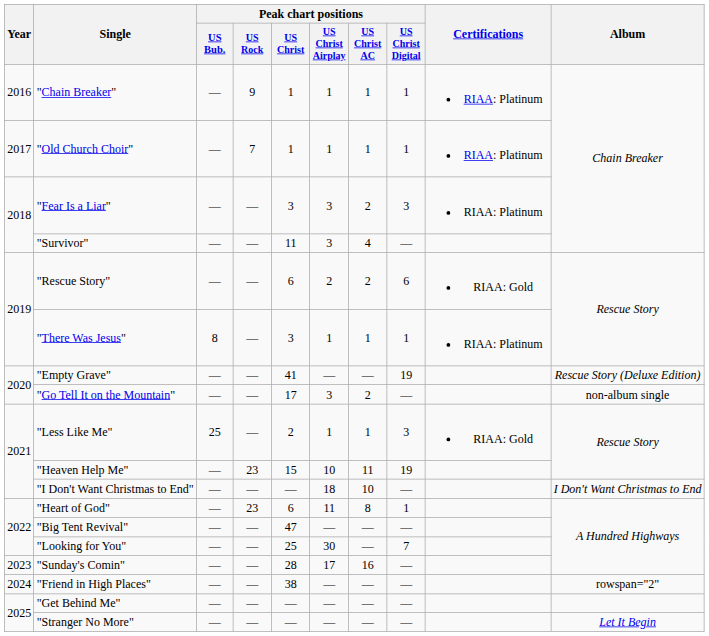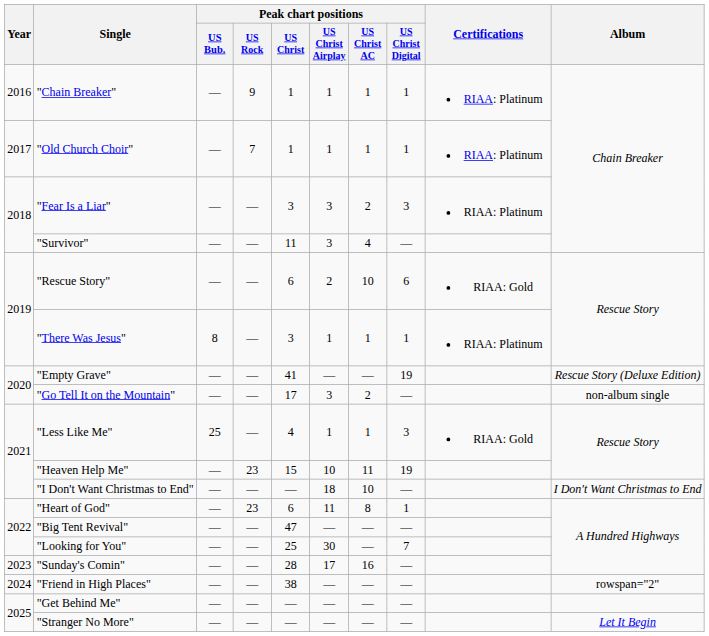 <table class="wikitable" style="text-align:center;">
 <tr>
 <th rowspan="2">Year</th>
 <th rowspan="2">Single</th>
 <th scope="col" colspan="6">Peak chart positions</th>
 <th scope="col" rowspan="2" style="width:10em;"><a href='#'>Certifications</a></th>
 <th scope="col" rowspan="2">Album</th>
 </tr>
 <tr style="font-size:smaller;">
 <th scope="col" style="width:3em;font-size:105%;"><a href='#'>US<br>Bub.</a><br></th>
 <th width="45"><a href='#'>US<br>Rock</a><br></th>
 <th width="45"><a href='#'>US<br>Christ</a><br></th>
 <th width="45"><a href='#'>US<br>Christ Airplay</a><br></th>
 <th width="45"><a href='#'>US<br>Christ AC</a><br></th>
 <th width="45"><a href='#'>US<br>Christ Digital</a><br></th>
 </tr>
 <tr>
 <td>2016</td>
 <td align="left">"<a href='#'>Chain Breaker</a>"</td>
 <td>—</td>
 <td>9</td>
 <td>1<br></td>
 <td>1</td>
 <td>1</td>
 <td>1</td>
 <td><br><ul><li><a href='#'>RIAA</a>: Platinum</li></ul></td>
 <td rowspan="4"><em>Chain Breaker</em></td>
 </tr>
 <tr>
 <td>2017</td>
 <td align="left">"<a href='#'>Old Church Choir</a>"</td>
 <td>—</td>
 <td>7</td>
 <td>1</td>
 <td>1<br></td>
 <td>1</td>
 <td>1</td>
 <td><br><ul><li><a href='#'>RIAA</a>: Platinum</li></ul></td>
 </tr>
 <tr>
 <td rowspan="2">2018</td>
 <td align="left">"<a href='#'>Fear Is a Liar</a>"</td>
 <td>—</td>
 <td>—</td>
 <td>3</td>
 <td>3</td>
 <td>2</td>
 <td>3</td>
 <td><br><ul><li>RIAA: Platinum</li></ul></td>
 </tr>
 <tr>
 <td align="left">"Survivor"</td>
 <td>—</td>
 <td>—</td>
 <td>11</td>
 <td>3</td>
 <td>4</td>
 <td>—</td>
 <td></td>
 </tr>
 <tr>
 <td rowspan="2">2019</td>
 <td align="left">"Rescue Story"</td>
 <td>—</td>
 <td>—</td>
 <td>6</td>
 <td>2</td>
-<td>2</td>
+<td>10</td>
 <td>6</td>
 <td><br><ul><li>RIAA: Gold</li></ul></td>
 <td rowspan="2"><em>Rescue Story</em></td>
 </tr>
 <tr>
 <td align="left">"<a href='#'>There Was Jesus</a>"<br></td>
 <td>8</td>
 <td>—</td>
 <td>3</td>
 <td>1</td>
 <td>1</td>
 <td>1</td>
 <td><br><ul><li>RIAA: Platinum</li></ul></td>
 </tr>
 <tr>
 <td rowspan="2">2020</td>
 <td align="left">"Empty Grave"</td>
 <td>—</td>
 <td>—</td>
 <td>41</td>
 <td>—</td>
 <td>—</td>
 <td>19</td>
 <td></td>
 <td><em>Rescue Story (Deluxe Edition)</em></td>
 </tr>
 <tr>
 <td align="left">"<a href='#'>Go Tell It on the Mountain</a>"</td>
 <td>—</td>
 <td>—</td>
 <td>17</td>
 <td>3</td>
 <td>2</td>
 <td>—</td>
 <td></td>
 <td>non-album single</td>
 </tr>
 <tr>
 <td rowspan="3">2021</td>
 <td align="left">"Less Like Me"</td>
 <td>25</td>
 <td>—</td>
-<td>2</td>
+<td>4</td>
 <td>1<br></td>
 <td>1</td>
 <td>3</td>
 <td><br><ul><li>RIAA: Gold</li></ul></td>
 <td rowspan="2"><em>Rescue Story</em></td>
 </tr>
 <tr>
 <td align="left">"Heaven Help Me"</td>
 <td>—</td>
 <td>23</td>
 <td>15</td>
 <td>10</td>
 <td>11</td>
 <td>19</td>
 <td></td>
 </tr>
 <tr>
 <td align="left">"I Don't Want Christmas to End"</td>
 <td>—</td>
 <td>—</td>
 <td>—</td>
 <td>18</td>
 <td>10</td>
 <td>—</td>
 <td></td>
 <td><em>I Don't Want Christmas to End</em></td>
 </tr>
 <tr>
 <td rowspan="3">2022</td>
 <td align="left">"Heart of God"</td>
 <td>—</td>
 <td>23</td>
 <td>6</td>
 <td>11</td>
 <td>8</td>
 <td>1</td>
 <td></td>
 <td rowspan="4"><em>A Hundred Highways</em></td>
 </tr>
 <tr>
 <td align="left">"Big Tent Revival"</td>
 <td>—</td>
 <td>—</td>
 <td>47</td>
 <td>—</td>
 <td>—</td>
 <td>—</td>
 <td></td>
 </tr>
 <tr>
 <td align="left">"Looking for You"</td>
 <td>—</td>
 <td>—</td>
 <td>25</td>
 <td>30</td>
 <td>—</td>
 <td>7</td>
 <td></td>
 </tr>
 <tr>
 <td>2023</td>
 <td align="left">"Sunday's Comin"</td>
 <td>—</td>
 <td>—</td>
 <td>28</td>
 <td>17</td>
 <td>16</td>
 <td>—</td>
 <td></td>
 </tr>
 <tr>
 <td>2024</td>
 <td align="left">"Friend in High Places"</td>
 <td>—</td>
 <td>—</td>
 <td>38</td>
 <td>—</td>
 <td>—</td>
 <td>—</td>
 <td></td>
 <td>rowspan="2" </td>
 </tr>
 <tr>
 <td rowspan="2">2025</td>
 <td align="left">"Get Behind Me"<br></td>
 <td>—</td>
 <td>—</td>
 <td>—</td>
 <td>—</td>
 <td>—</td>
 <td>—</td>
 <td></td>
 </tr>
 <tr>
 <td align="left">"Stranger No More"<br></td>
 <td>—</td>
 <td>—</td>
 <td>—</td>
 <td>—</td>
 <td>—</td>
 <td>—</td>
 <td></td>
 <td><em><a href='#'>Let It Begin</a></em></td>
 </tr>
 </table>
